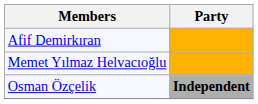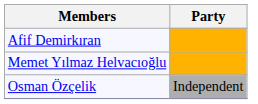 <table class=wikitable style="border:1px solid #8888aa; background-color:#f7f8ff; padding:0px; font-size:90%;">
 <tr>
 <th>Members</th>
 <th colspan="2">Party</th>
 </tr>
 <tr>
 <td><a href='#'>Afif Demirkıran</a></td>
 <td style="background: #ffb300"></td>
 </tr>
 <tr>
 <td><a href='#'>Memet Yılmaz Helvacıoğlu</a></td>
 <td style="background: #ffb300"></td>
 </tr>
 <tr>
 <td><a href='#'>Osman Özçelik</a></td>
-<td style="background: #AEAEAE"><strong>Independent</strong></td>
+<td style="background: #AEAEAE">Independent</td>
 </tr>
 <tr>
 </tr>
 </table>
